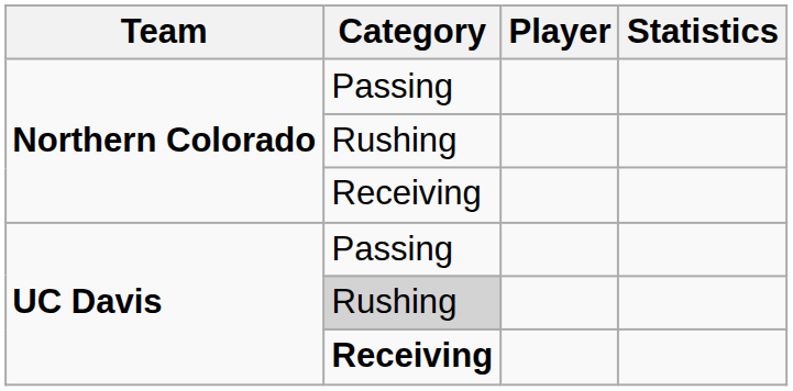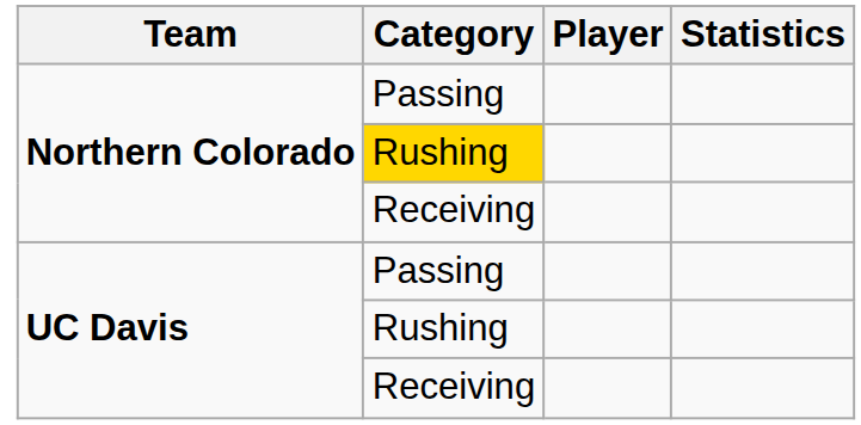 <table class="wikitable" style="float: right;">
 <tr>
 <th>Team</th>
 <th>Category</th>
 <th>Player</th>
 <th>Statistics</th>
 </tr>
 <tr>
 <td rowspan=3><strong>Northern Colorado</strong></td>
 <td>Passing</td>
 <td></td>
 <td></td>
 </tr>
 <tr>
-<td>Rushing</td>
+<td style="background: gold;">Rushing</td>
 <td></td>
 <td></td>
 </tr>
 <tr>
 <td>Receiving</td>
 <td></td>
 <td></td>
 </tr>
 <tr>
 <td rowspan=3><strong>UC Davis</strong></td>
 <td>Passing</td>
 <td></td>
 <td></td>
 </tr>
 <tr>
-<td style="background: lightgrey;">Rushing</td>
+<td>Rushing</td>
 <td></td>
 <td></td>
 </tr>
 <tr>
-<td><strong>Receiving</strong></td>
+<td>Receiving</td>
 <td></td>
 <td></td>
 </tr>
 </table>
